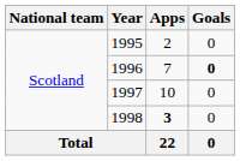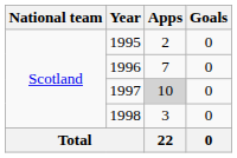 <table class=wikitable style="text-align: center">
 <tr>
 <th>National team</th>
 <th>Year</th>
 <th>Apps</th>
 <th>Goals</th>
 </tr>
 <tr>
 <td rowspan=4><a href='#'>Scotland</a></td>
 <td>1995</td>
 <td>2</td>
 <td>0</td>
 </tr>
 <tr>
 <td>1996</td>
 <td>7</td>
-<td><strong>0</strong></td>
+<td>0</td>
 </tr>
 <tr>
 <td>1997</td>
-<td>10</td>
+<td style="background: lightgrey;">10</td>
 <td>0</td>
 </tr>
 <tr>
 <td>1998</td>
-<td><strong>3</strong></td>
+<td>3</td>
 <td>0</td>
 </tr>
 <tr>
 <th colspan=2>Total</th>
 <th>22</th>
 <th>0</th>
 </tr>
 </table>
